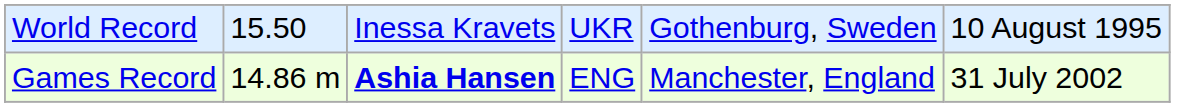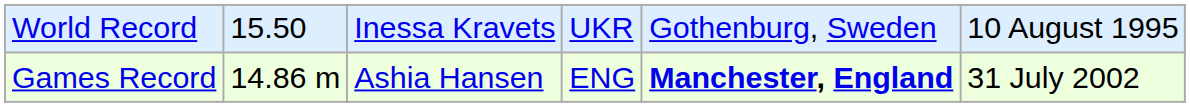 <table class="wikitable">
 <tr bgcolor = "ddeeff">
 <td><a href='#'>World Record</a></td>
 <td>15.50</td>
 <td><a href='#'>Inessa Kravets</a></td>
 <td><a href='#'>UKR</a></td>
 <td><a href='#'>Gothenburg</a>, <a href='#'>Sweden</a></td>
 <td>10 August 1995</td>
 </tr>
 <tr bgcolor = "eeffdd">
 <td><a href='#'>Games Record</a></td>
 <td>14.86 m</td>
-<td><strong><a href='#'>Ashia Hansen</a></strong></td>
+<td><a href='#'>Ashia Hansen</a></td>
 <td><a href='#'>ENG</a></td>
-<td><a href='#'>Manchester</a>, <a href='#'>England</a></td>
+<td><strong><a href='#'>Manchester</a>, <a href='#'>England</a></strong></td>
 <td>31 July 2002</td>
 </tr>
 </table>
